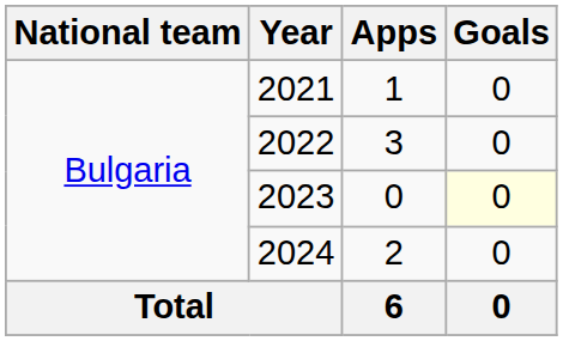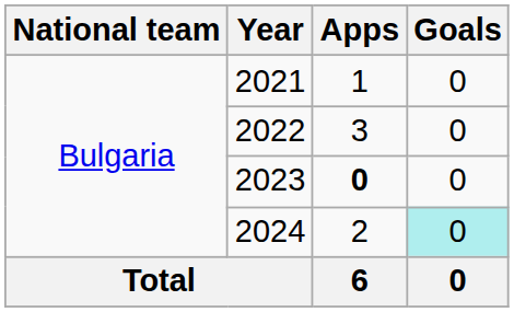 <table class="wikitable" style="text-align:center">
 <tr>
 <th>National team</th>
 <th>Year</th>
 <th>Apps</th>
 <th>Goals</th>
 </tr>
 <tr>
 <td rowspan="4"><a href='#'>Bulgaria</a></td>
 <td>2021</td>
 <td>1</td>
 <td>0</td>
 </tr>
 <tr>
 <td>2022</td>
 <td>3</td>
 <td>0</td>
 </tr>
 <tr>
 <td>2023</td>
+<td><strong>0</strong></td>
 <td>0</td>
-<td style="background: lightyellow;">0</td>
 </tr>
 <tr>
 <td>2024</td>
 <td>2</td>
-<td>0</td>
+<td style="background: paleturquoise;">0</td>
 </tr>
 <tr>
 <th colspan="2">Total</th>
 <th>6</th>
 <th>0</th>
 </tr>
 </table>
